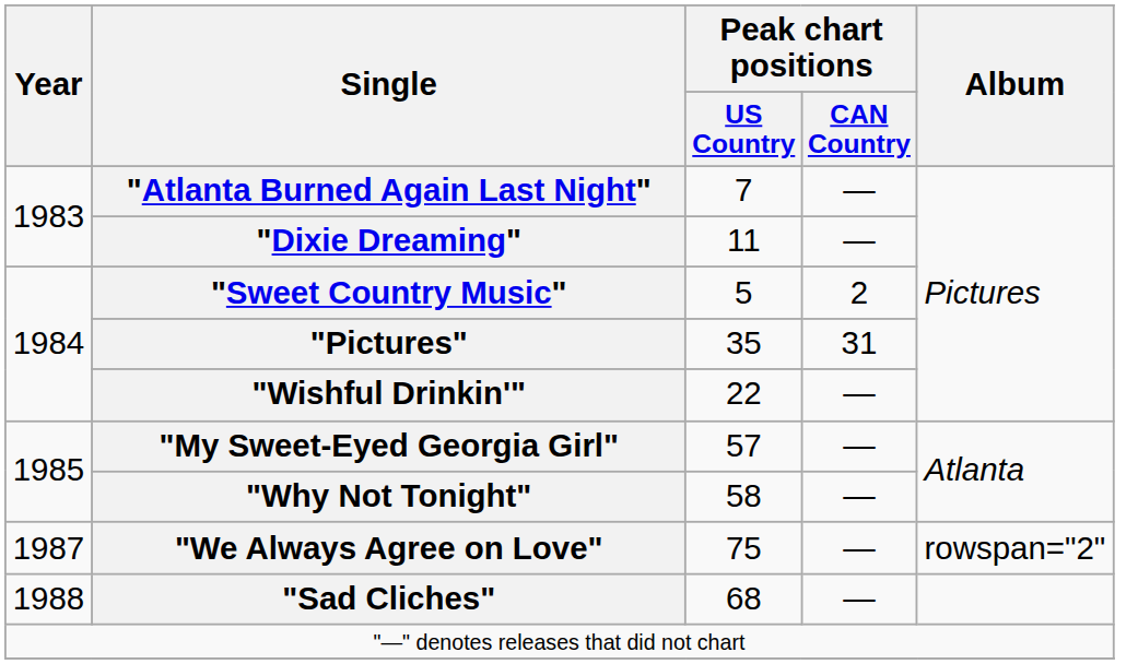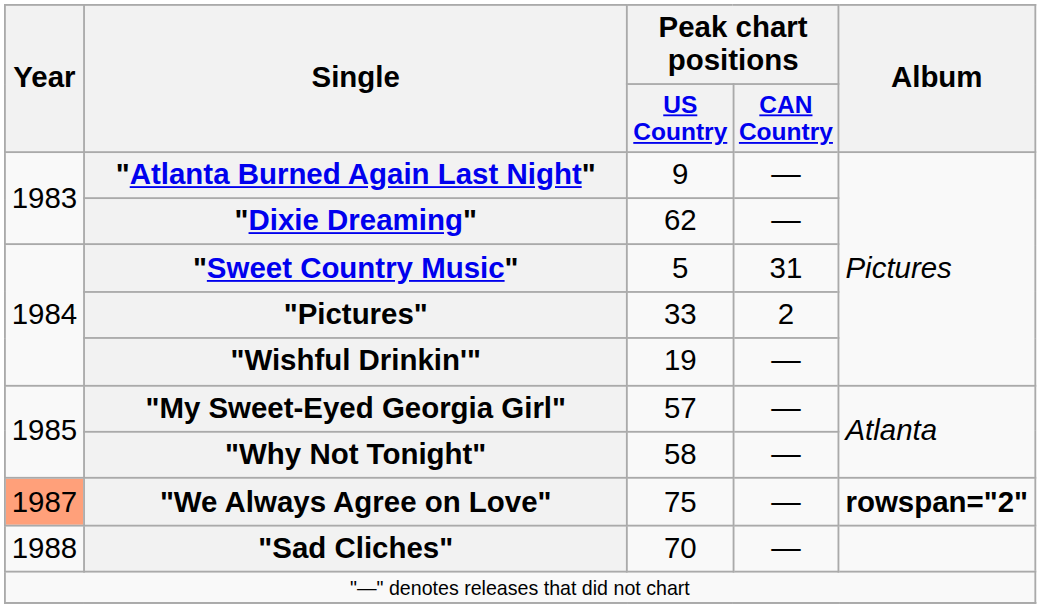 <table class="wikitable plainrowheaders" style="text-align:center;">
 <tr>
 <th rowspan="2">Year</th>
 <th rowspan="2" style="width:18em;">Single</th>
 <th colspan="2">Peak chart<br>positions</th>
 <th rowspan="2">Album</th>
 </tr>
 <tr style="font-size:smaller;">
 <th width="45"><a href='#'>US Country</a><br></th>
 <th width="45"><a href='#'>CAN Country</a><br></th>
 </tr>
 <tr>
 <td rowspan="2">1983</td>
 <th scope="row">"<a href='#'>Atlanta Burned Again Last Night</a>"</th>
-<td>7</td>
+<td>9</td>
 <td>—</td>
 <td align="left" rowspan="5"><em>Pictures</em></td>
 </tr>
 <tr>
 <th scope="row">"<a href='#'>Dixie Dreaming</a>"</th>
-<td>11</td>
+<td>62</td>
 <td>—</td>
 </tr>
 <tr>
 <td rowspan="3">1984</td>
 <th scope="row">"<a href='#'>Sweet Country Music</a>"</th>
 <td>5</td>
+<td>31</td>
+</tr>
+<tr>
+<th scope="row">"Pictures"</th>
+<td>33</td>
 <td>2</td>
 </tr>
 <tr>
-<th scope="row">"Pictures"</th>
-<td>35</td>
-<td>31</td>
-</tr>
-<tr>
 <th scope="row">"Wishful Drinkin'"</th>
-<td>22</td>
+<td>19</td>
 <td>—</td>
 </tr>
 <tr>
 <td rowspan="2">1985</td>
 <th scope="row">"My Sweet-Eyed Georgia Girl"</th>
 <td>57</td>
 <td>—</td>
 <td align="left" rowspan="2"><em>Atlanta</em></td>
 </tr>
 <tr>
 <th scope="row">"Why Not Tonight"</th>
 <td>58</td>
 <td>—</td>
 </tr>
 <tr>
-<td>1987</td>
+<td style="background: lightsalmon;">1987</td>
 <th scope="row">"We Always Agree on Love"</th>
 <td>75</td>
 <td>—</td>
-<td>rowspan="2" </td>
+<td><strong>rowspan="2" </strong></td>
 </tr>
 <tr>
 <td>1988</td>
 <th scope="row">"Sad Cliches"</th>
-<td>68</td>
+<td>70</td>
 <td>—</td>
 </tr>
 <tr>
 <td colspan="10" style="font-size:8pt">"—" denotes releases that did not chart</td>
 </tr>
 <tr>
 </tr>
 </table>
